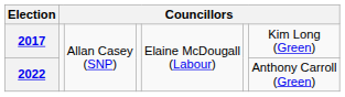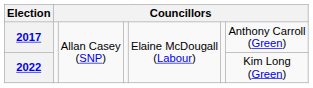 <table class="wikitable" style="text-align:center">
 <tr>
 <th>Election</th>
 <th colspan=8>Councillors</th>
 </tr>
 <tr>
 <th><a href='#'>2017</a></th>
 <td rowspan=2; style="background-color: "></td>
 <td rowspan=2>Allan Casey<br>(<a href='#'>SNP</a>)</td>
 <td rowspan=2; style="background-color: "></td>
 <td rowspan=2>Elaine McDougall<br>(<a href='#'>Labour</a>)</td>
 <td rowspan=2; style="background-color: "></td>
-<td rowspan=1>Kim Long<br>(<a href='#'>Green</a>)</td>
+<td rowspan=1>Anthony Carroll<br>(<a href='#'>Green</a>)</td>
 </tr>
 <tr>
 <th><a href='#'>2022</a></th>
-<td rowspan=1>Anthony Carroll<br>(<a href='#'>Green</a>)</td>
+<td rowspan=1>Kim Long<br>(<a href='#'>Green</a>)</td>
 </tr>
 </table>
